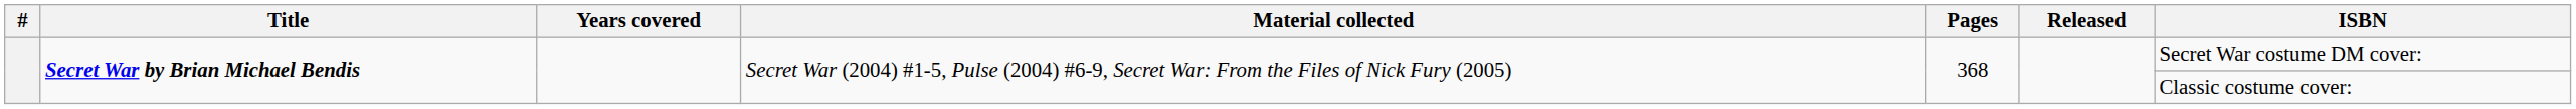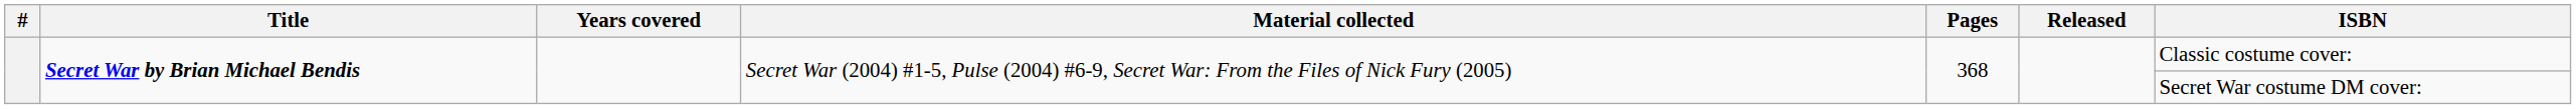 <table class="wikitable sortable" width="99%">
 <tr>
 <th class="unsortable" width="20px">#</th>
 <th>Title</th>
 <th>Years covered</th>
 <th class="unsortable">Material collected</th>
 <th>Pages</th>
 <th>Released</th>
 <th class="unsortable">ISBN</th>
 </tr>
 <tr>
 <th rowspan="2" style="background-color: light grey;"></th>
 <td rowspan="2"><strong><em><a href='#'>Secret War</a> by Brian Michael Bendis</em></strong></td>
 <td rowspan="2"></td>
 <td rowspan="2"><em>Secret War</em> (2004) #1-5, <em>Pulse</em> (2004) #6-9, <em>Secret War: From the Files of Nick Fury</em> (2005)</td>
 <td rowspan="2" style="text-align: center;">368</td>
 <td rowspan="2"></td>
+<td>Classic costume cover: </td>
+</tr>
+<tr>
 <td>Secret War costume DM cover: </td>
 </tr>
-<tr>
-<td>Classic costume cover: </td>
-</tr>
 </table>
